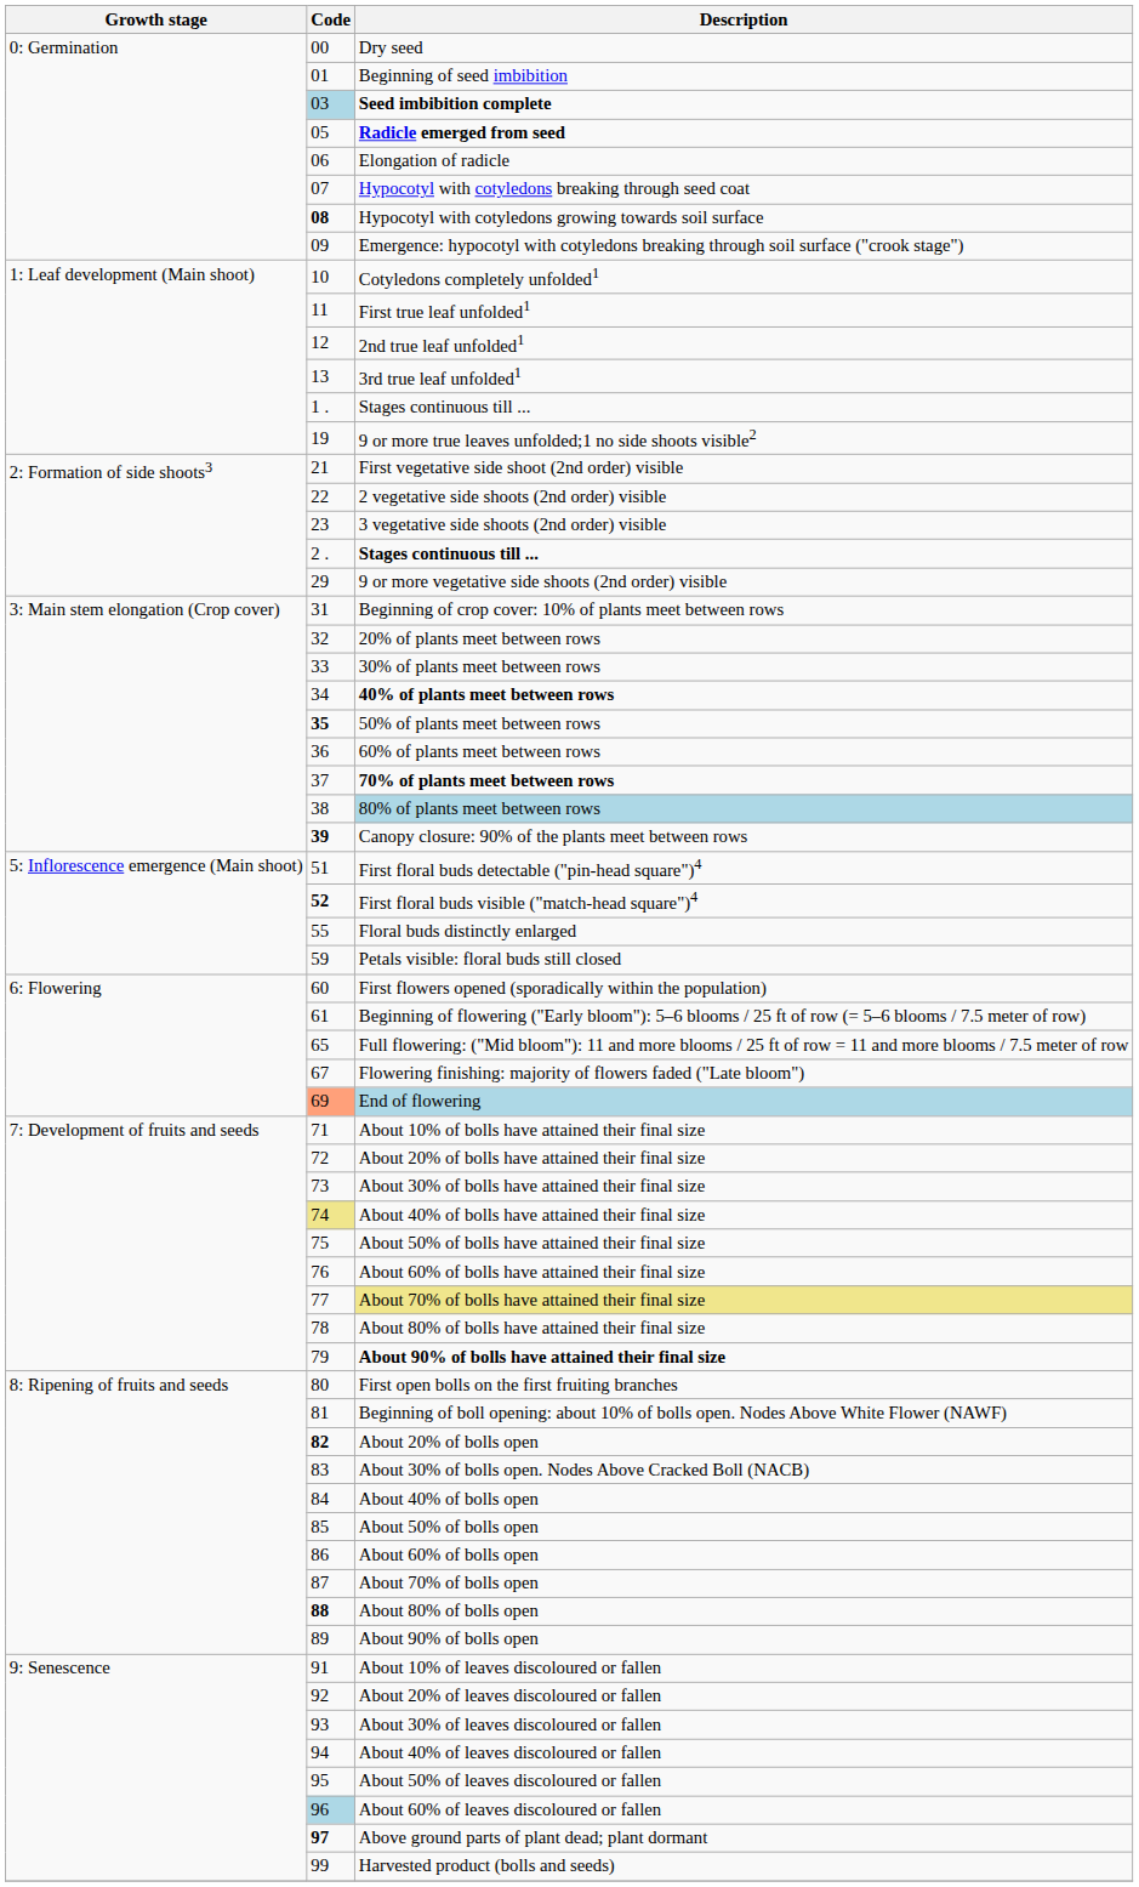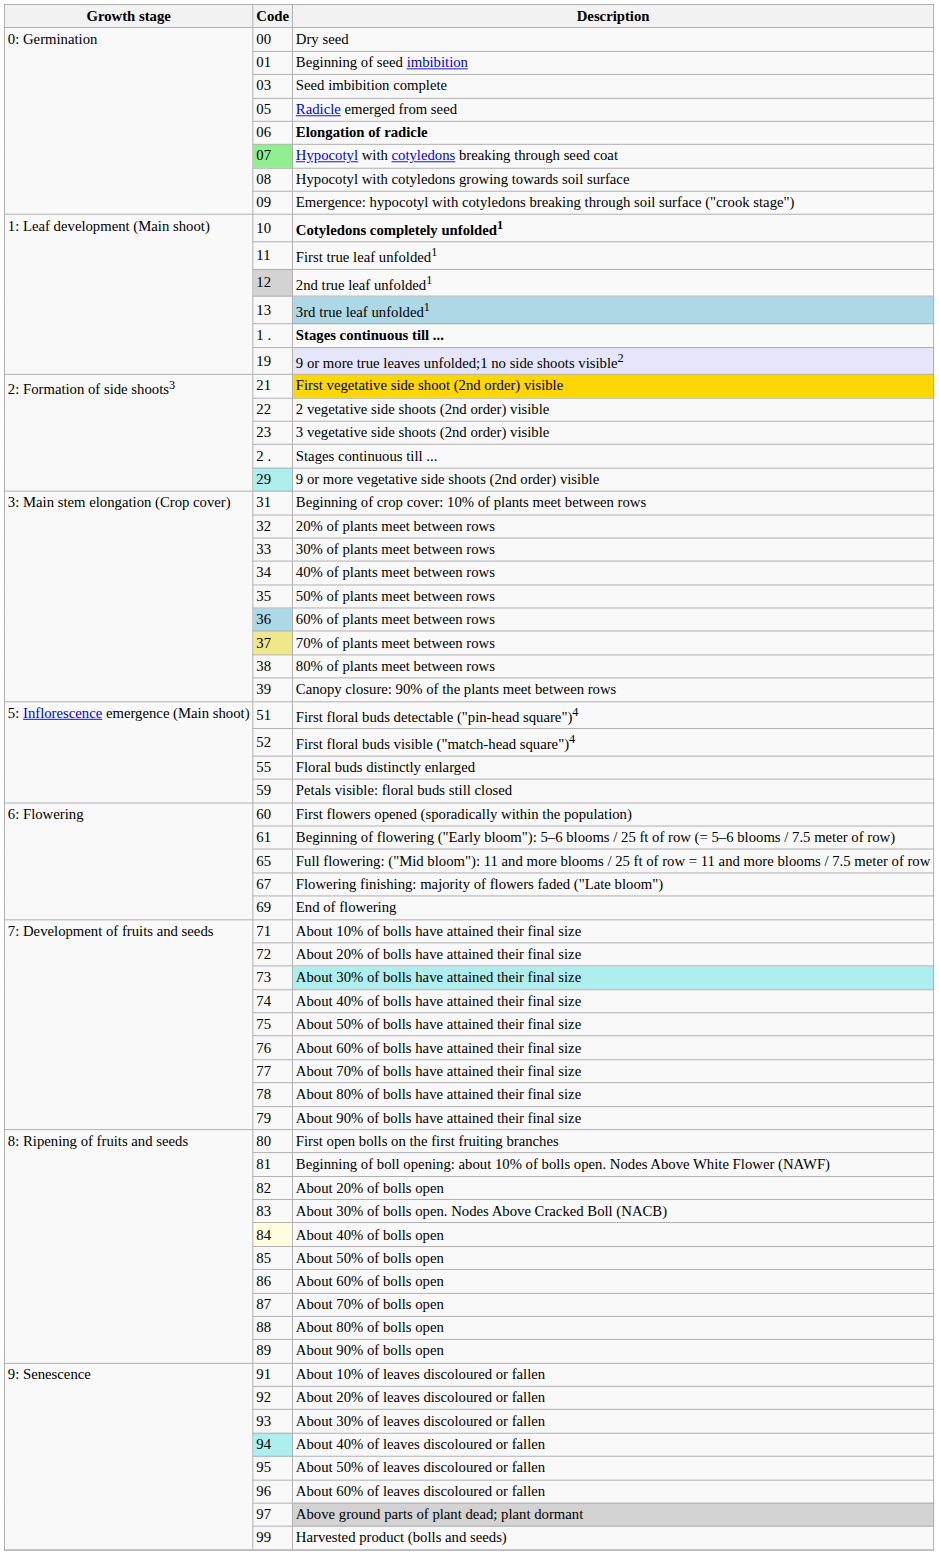 <table class="wikitable" style="clear">
 <tr>
 <th>Growth stage</th>
 <th>Code</th>
 <th>Description</th>
 </tr>
 <tr>
 <td rowspan="8" style="vertical-align:top">0: Germination</td>
 <td>00</td>
 <td>Dry seed</td>
 </tr>
 <tr>
 <td>01</td>
 <td>Beginning of seed <a href='#'>imbibition</a></td>
 </tr>
 <tr>
-<td style="background: lightblue;">03</td>
-<td><strong>Seed imbibition complete</strong></td>
+<td>03</td>
+<td>Seed imbibition complete</td>
 </tr>
 <tr>
 <td>05</td>
-<td><strong><a href='#'>Radicle</a> emerged from seed</strong></td>
+<td><a href='#'>Radicle</a> emerged from seed</td>
 </tr>
 <tr>
 <td>06</td>
-<td>Elongation of radicle</td>
+<td><strong>Elongation of radicle</strong></td>
 </tr>
 <tr>
-<td>07</td>
+<td style="background: lightgreen;">07</td>
 <td><a href='#'>Hypocotyl</a> with <a href='#'>cotyledons</a> breaking through seed coat</td>
 </tr>
 <tr>
-<td><strong>08</strong></td>
+<td>08</td>
 <td>Hypocotyl with cotyledons growing towards soil surface</td>
 </tr>
 <tr>
 <td>09</td>
 <td>Emergence: hypocotyl with cotyledons breaking through soil surface ("crook stage")</td>
 </tr>
 <tr>
 <td rowspan="6" style="vertical-align:top">1: Leaf development (Main shoot)</td>
 <td>10</td>
-<td>Cotyledons completely unfolded<sup>1</sup></td>
+<td><strong>Cotyledons completely unfolded<sup>1</sup></strong></td>
 </tr>
 <tr>
 <td>11</td>
 <td>First true leaf unfolded<sup>1</sup></td>
 </tr>
 <tr>
-<td>12</td>
+<td style="background: lightgrey;">12</td>
 <td>2nd true leaf unfolded<sup>1</sup></td>
 </tr>
 <tr>
 <td>13</td>
-<td>3rd true leaf unfolded<sup>1</sup></td>
+<td style="background: lightblue;">3rd true leaf unfolded<sup>1</sup></td>
 </tr>
 <tr>
 <td>1 .</td>
-<td>Stages continuous till ...</td>
+<td><strong>Stages continuous till ...</strong></td>
 </tr>
 <tr>
 <td>19</td>
-<td>9 or more true leaves unfolded;1 no side shoots visible<sup>2</sup></td>
+<td style="background: lavender;">9 or more true leaves unfolded;1 no side shoots visible<sup>2</sup></td>
 </tr>
 <tr>
 <td rowspan="5" style="vertical-align:top">2: Formation of side shoots<sup>3</sup></td>
 <td>21</td>
-<td>First vegetative side shoot (2nd order) visible</td>
+<td style="background: gold;">First vegetative side shoot (2nd order) visible</td>
 </tr>
 <tr>
 <td>22</td>
 <td>2 vegetative side shoots (2nd order) visible</td>
 </tr>
 <tr>
 <td>23</td>
 <td>3 vegetative side shoots (2nd order) visible</td>
 </tr>
 <tr>
 <td>2 .</td>
-<td><strong>Stages continuous till ...</strong></td>
+<td>Stages continuous till ...</td>
 </tr>
 <tr>
-<td>29</td>
+<td style="background: paleturquoise;">29</td>
 <td>9 or more vegetative side shoots (2nd order) visible</td>
 </tr>
 <tr>
 <td rowspan="9" style="vertical-align:top">3: Main stem elongation (Crop cover)</td>
 <td>31</td>
 <td>Beginning of crop cover: 10% of plants meet between rows</td>
 </tr>
 <tr>
 <td>32</td>
 <td>20% of plants meet between rows</td>
 </tr>
 <tr>
 <td>33</td>
 <td>30% of plants meet between rows</td>
 </tr>
 <tr>
 <td>34</td>
-<td><strong>40% of plants meet between rows</strong></td>
+<td>40% of plants meet between rows</td>
 </tr>
 <tr>
-<td><strong>35</strong></td>
+<td>35</td>
 <td>50% of plants meet between rows</td>
 </tr>
 <tr>
-<td>36</td>
+<td style="background: lightblue;">36</td>
 <td>60% of plants meet between rows</td>
 </tr>
 <tr>
-<td>37</td>
-<td><strong>70% of plants meet between rows</strong></td>
+<td style="background: khaki;">37</td>
+<td>70% of plants meet between rows</td>
 </tr>
 <tr>
 <td>38</td>
-<td style="background: lightblue;">80% of plants meet between rows</td>
+<td>80% of plants meet between rows</td>
 </tr>
 <tr>
-<td><strong>39</strong></td>
+<td>39</td>
 <td>Canopy closure: 90% of the plants meet between rows</td>
 </tr>
 <tr>
 <td rowspan="4" style="vertical-align:top">5: <a href='#'>Inflorescence</a> emergence (Main shoot)</td>
 <td>51</td>
 <td>First floral buds detectable ("pin-head square")<sup>4</sup></td>
 </tr>
 <tr>
-<td><strong>52</strong></td>
+<td>52</td>
 <td>First floral buds visible ("match-head square")<sup>4</sup></td>
 </tr>
 <tr>
 <td>55</td>
 <td>Floral buds distinctly enlarged</td>
 </tr>
 <tr>
 <td>59</td>
 <td>Petals visible: floral buds still closed</td>
 </tr>
 <tr>
 <td rowspan="5" style="vertical-align:top">6: Flowering</td>
 <td>60</td>
 <td>First flowers opened (sporadically within the population)</td>
 </tr>
 <tr>
 <td>61</td>
 <td>Beginning of flowering ("Early bloom"): 5–6 blooms / 25 ft of row (= 5–6 blooms / 7.5 meter of row)</td>
 </tr>
 <tr>
 <td>65</td>
 <td>Full flowering: ("Mid bloom"): 11 and more blooms / 25 ft of row = 11 and more blooms / 7.5 meter of row</td>
 </tr>
 <tr>
 <td>67</td>
 <td>Flowering finishing: majority of flowers faded ("Late bloom")</td>
 </tr>
 <tr>
-<td style="background: lightsalmon;">69</td>
-<td style="background: lightblue;">End of flowering</td>
+<td>69</td>
+<td>End of flowering</td>
 </tr>
 <tr>
 <td rowspan="9" style="vertical-align:top">7: Development of fruits and seeds</td>
 <td>71</td>
 <td>About 10% of bolls have attained their final size</td>
 </tr>
 <tr>
 <td>72</td>
 <td>About 20% of bolls have attained their final size</td>
 </tr>
 <tr>
 <td>73</td>
-<td>About 30% of bolls have attained their final size</td>
+<td style="background: paleturquoise;">About 30% of bolls have attained their final size</td>
 </tr>
 <tr>
-<td style="background: khaki;">74</td>
+<td>74</td>
 <td>About 40% of bolls have attained their final size</td>
 </tr>
 <tr>
 <td>75</td>
 <td>About 50% of bolls have attained their final size</td>
 </tr>
 <tr>
 <td>76</td>
 <td>About 60% of bolls have attained their final size</td>
 </tr>
 <tr>
 <td>77</td>
-<td style="background: khaki;">About 70% of bolls have attained their final size</td>
+<td>About 70% of bolls have attained their final size</td>
 </tr>
 <tr>
 <td>78</td>
 <td>About 80% of bolls have attained their final size</td>
 </tr>
 <tr>
 <td>79</td>
-<td><strong>About 90% of bolls have attained their final size</strong></td>
+<td>About 90% of bolls have attained their final size</td>
 </tr>
 <tr>
 <td rowspan="10" style="vertical-align:top">8: Ripening of fruits and seeds</td>
 <td>80</td>
 <td>First open bolls on the first fruiting branches</td>
 </tr>
 <tr>
 <td>81</td>
 <td>Beginning of boll opening: about 10% of bolls open. Nodes Above White Flower (NAWF)</td>
 </tr>
 <tr>
-<td><strong>82</strong></td>
+<td>82</td>
 <td>About 20% of bolls open</td>
 </tr>
 <tr>
 <td>83</td>
 <td>About 30% of bolls open. Nodes Above Cracked Boll (NACB)</td>
 </tr>
 <tr>
-<td>84</td>
+<td style="background: lightyellow;">84</td>
 <td>About 40% of bolls open</td>
 </tr>
 <tr>
 <td>85</td>
 <td>About 50% of bolls open</td>
 </tr>
 <tr>
 <td>86</td>
 <td>About 60% of bolls open</td>
 </tr>
 <tr>
 <td>87</td>
 <td>About 70% of bolls open</td>
 </tr>
 <tr>
-<td><strong>88</strong></td>
+<td>88</td>
 <td>About 80% of bolls open</td>
 </tr>
 <tr>
 <td>89</td>
 <td>About 90% of bolls open</td>
 </tr>
 <tr>
 <td rowspan="8" style="vertical-align:top">9: Senescence</td>
 <td>91</td>
 <td>About 10% of leaves discoloured or fallen</td>
 </tr>
 <tr>
 <td>92</td>
 <td>About 20% of leaves discoloured or fallen</td>
 </tr>
 <tr>
 <td>93</td>
 <td>About 30% of leaves discoloured or fallen</td>
 </tr>
 <tr>
-<td>94</td>
+<td style="background: paleturquoise;">94</td>
 <td>About 40% of leaves discoloured or fallen</td>
 </tr>
 <tr>
 <td>95</td>
 <td>About 50% of leaves discoloured or fallen</td>
 </tr>
 <tr>
-<td style="background: lightblue;">96</td>
+<td>96</td>
 <td>About 60% of leaves discoloured or fallen</td>
 </tr>
 <tr>
-<td><strong>97</strong></td>
-<td>Above ground parts of plant dead; plant dormant</td>
+<td>97</td>
+<td style="background: lightgrey;">Above ground parts of plant dead; plant dormant</td>
 </tr>
 <tr>
 <td>99</td>
 <td>Harvested product (bolls and seeds)</td>
 </tr>
 <tr>
 </tr>
 </table>
